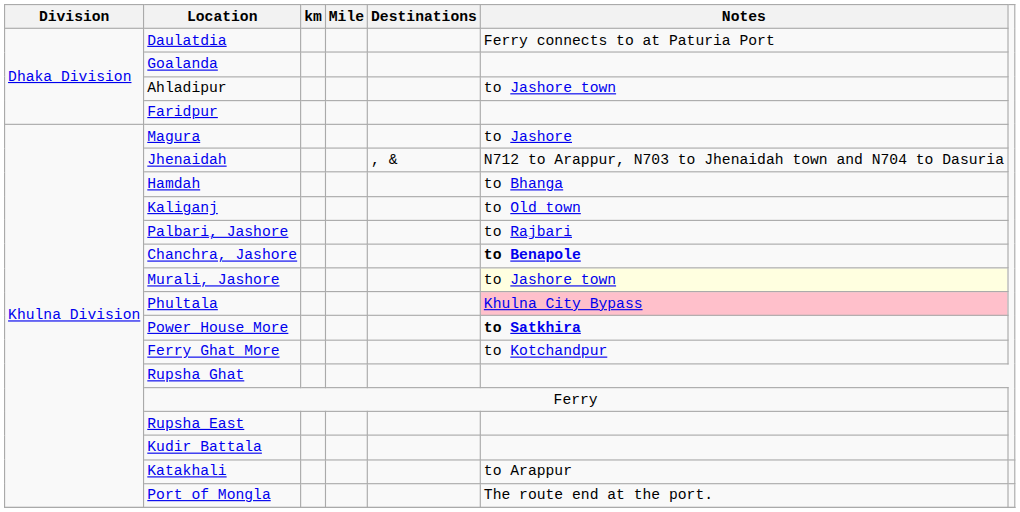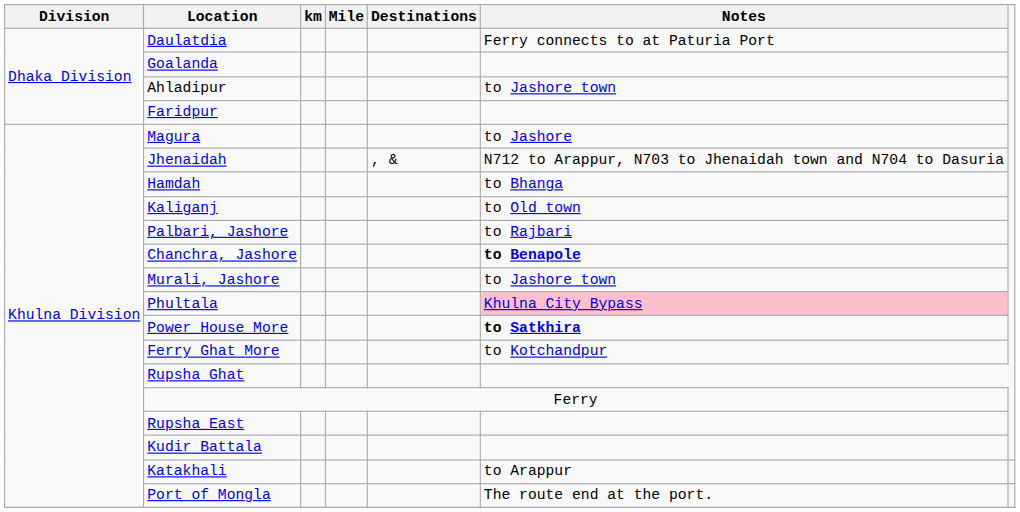 <table class=wikitable>
 <tr>
 <th scope=col>Division</th>
 <th scope=col>Location</th>
 <th scope=col>km</th>
 <th scope=col>Mile</th>
 <th scope=col>Destinations</th>
 <th scope=col>Notes</th>
 </tr>
 <tr>
 <td rowspan=4><a href='#'>Dhaka Division</a></td>
 <td><a href='#'>Daulatdia</a></td>
 <td></td>
 <td></td>
 <td></td>
 <td>Ferry connects to  at Paturia Port</td>
 </tr>
 <tr>
 <td><a href='#'>Goalanda</a></td>
 <td></td>
 <td></td>
 <td></td>
 <td></td>
 </tr>
 <tr>
 <td>Ahladipur</td>
 <td></td>
 <td></td>
 <td></td>
 <td>to <a href='#'>Jashore town</a></td>
 </tr>
 <tr>
 <td><a href='#'>Faridpur</a></td>
 <td></td>
 <td></td>
 <td></td>
 <td></td>
 </tr>
 <tr>
 <td rowspan=16><a href='#'>Khulna Division</a></td>
 <td><a href='#'>Magura</a></td>
 <td></td>
 <td></td>
 <td></td>
 <td>to <a href='#'>Jashore</a></td>
 </tr>
 <tr>
 <td><a href='#'>Jhenaidah</a></td>
 <td></td>
 <td></td>
 <td>,  &</td>
 <td>N712 to Arappur, N703 to Jhenaidah town and N704 to Dasuria</td>
 </tr>
 <tr>
 <td><a href='#'>Hamdah</a></td>
 <td></td>
 <td></td>
 <td></td>
 <td>to <a href='#'>Bhanga</a></td>
 </tr>
 <tr>
 <td><a href='#'>Kaliganj</a></td>
 <td></td>
 <td></td>
 <td></td>
 <td>to <a href='#'>Old town</a></td>
 </tr>
 <tr>
 <td><a href='#'>Palbari, Jashore</a></td>
 <td></td>
 <td></td>
 <td></td>
 <td>to <a href='#'>Rajbari</a></td>
 </tr>
 <tr>
 <td><a href='#'>Chanchra, Jashore</a></td>
 <td></td>
 <td></td>
 <td></td>
 <td><strong>to <a href='#'>Benapole</a></strong></td>
 </tr>
 <tr>
 <td><a href='#'>Murali, Jashore</a></td>
 <td></td>
 <td></td>
 <td></td>
-<td style="background: lightyellow;">to <a href='#'>Jashore town</a></td>
+<td>to <a href='#'>Jashore town</a></td>
 </tr>
 <tr>
 <td><a href='#'>Phultala</a></td>
 <td></td>
 <td></td>
 <td></td>
 <td style="background: pink;"><a href='#'>Khulna City Bypass</a></td>
 </tr>
 <tr>
 <td><a href='#'>Power House More</a></td>
 <td></td>
 <td></td>
 <td></td>
 <td><strong>to <a href='#'>Satkhira</a></strong></td>
 </tr>
 <tr>
 <td><a href='#'>Ferry Ghat More</a></td>
 <td></td>
 <td></td>
 <td></td>
 <td>to <a href='#'>Kotchandpur</a></td>
 </tr>
 <tr>
 <td><a href='#'>Rupsha Ghat</a></td>
 <td></td>
 <td></td>
 <td></td>
 </tr>
 <tr>
 <td colspan=5 align=center>Ferry</td>
 </tr>
 <tr>
 <td><a href='#'>Rupsha East</a></td>
 <td></td>
 <td></td>
 <td></td>
 <td></td>
 </tr>
 <tr>
 <td><a href='#'>Kudir Battala</a></td>
 <td></td>
 <td></td>
 <td></td>
 <td></td>
 </tr>
 <tr>
 <td><a href='#'>Katakhali</a></td>
 <td></td>
 <td></td>
 <td></td>
 <td>to Arappur</td>
 <td></td>
 </tr>
 <tr>
 <td><a href='#'>Port of Mongla</a></td>
 <td></td>
 <td></td>
 <td></td>
 <td>The route end at the port.</td>
 <td></td>
 </tr>
 <tr>
 </tr>
 </table>
